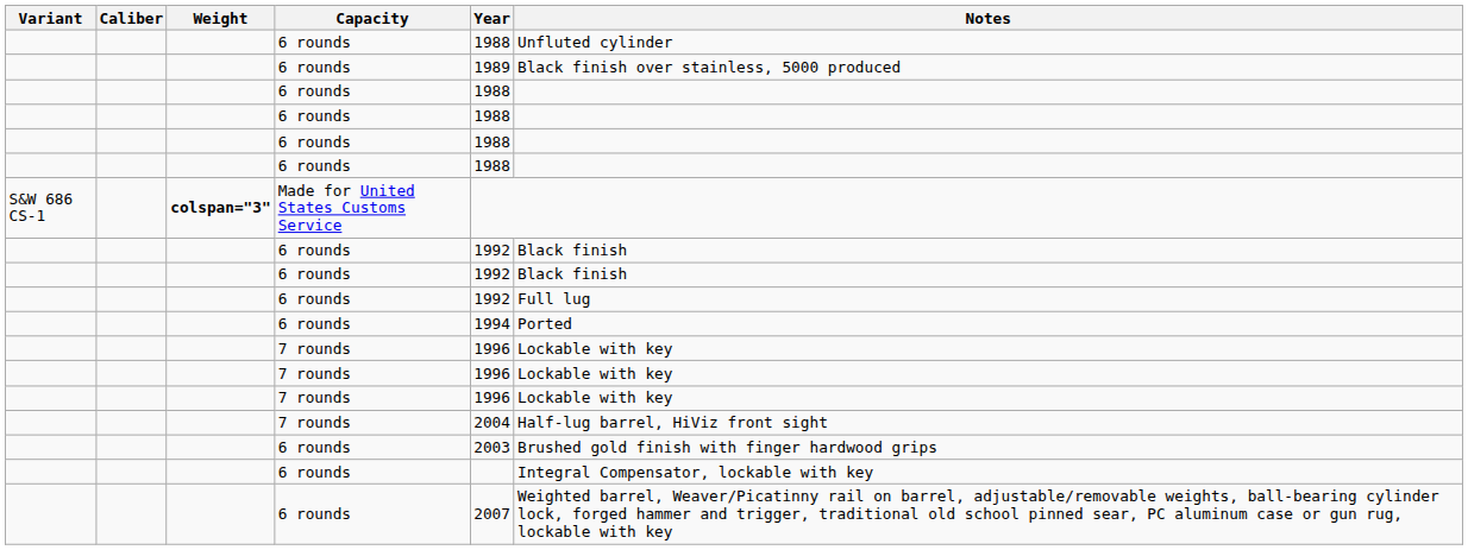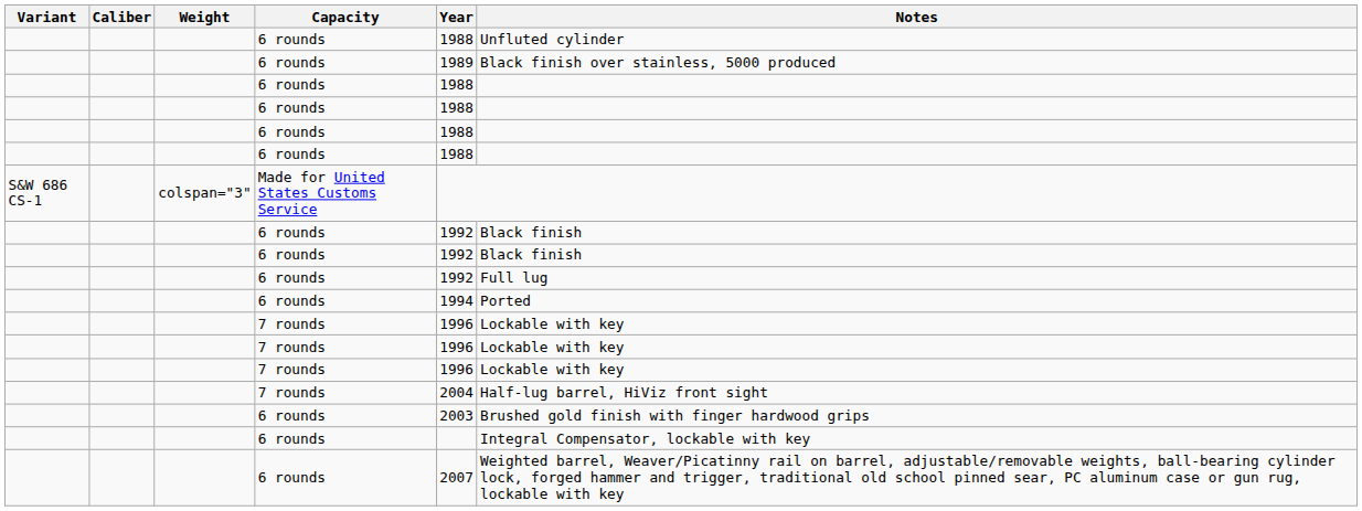 <table class="wikitable">
 <tr>
 <th>Variant</th>
 <th>Caliber</th>
 <th>Weight</th>
 <th>Capacity</th>
 <th>Year</th>
 <th>Notes</th>
 </tr>
 <tr>
 <td></td>
 <td></td>
 <td></td>
 <td>6 rounds</td>
 <td>1988</td>
 <td>Unfluted cylinder</td>
 </tr>
 <tr>
 <td></td>
 <td></td>
 <td></td>
 <td>6 rounds</td>
 <td>1989</td>
 <td>Black finish over stainless, 5000 produced</td>
 </tr>
 <tr>
 <td></td>
 <td></td>
 <td></td>
 <td>6 rounds</td>
 <td>1988</td>
 <td></td>
 </tr>
 <tr>
 <td></td>
 <td></td>
 <td></td>
 <td>6 rounds</td>
 <td>1988</td>
 <td></td>
 </tr>
 <tr>
 <td></td>
 <td></td>
 <td></td>
 <td>6 rounds</td>
 <td>1988</td>
 <td></td>
 </tr>
 <tr>
 <td></td>
 <td></td>
 <td></td>
 <td>6 rounds</td>
 <td>1988</td>
 <td></td>
 </tr>
 <tr>
 <td>S&W 686 CS-1</td>
 <td></td>
-<td><strong>colspan="3" </strong></td>
+<td>colspan="3" </td>
 <td>Made for <a href='#'>United States Customs Service</a></td>
 </tr>
 <tr>
 <td></td>
 <td></td>
 <td></td>
 <td>6 rounds</td>
 <td>1992</td>
 <td>Black finish</td>
 </tr>
 <tr>
 <td></td>
 <td></td>
 <td></td>
 <td>6 rounds</td>
 <td>1992</td>
 <td>Black finish</td>
 </tr>
 <tr>
 <td></td>
 <td></td>
 <td></td>
 <td>6 rounds</td>
 <td>1992</td>
 <td>Full lug</td>
 </tr>
 <tr>
 <td></td>
 <td></td>
 <td></td>
 <td>6 rounds</td>
 <td>1994</td>
 <td>Ported</td>
 </tr>
 <tr>
 <td></td>
 <td></td>
 <td></td>
 <td>7 rounds</td>
 <td>1996</td>
 <td>Lockable with key</td>
 </tr>
 <tr>
 <td></td>
 <td></td>
 <td></td>
 <td>7 rounds</td>
 <td>1996</td>
 <td>Lockable with key</td>
 </tr>
 <tr>
 <td></td>
 <td></td>
 <td></td>
 <td>7 rounds</td>
 <td>1996</td>
 <td>Lockable with key</td>
 </tr>
 <tr>
 <td></td>
 <td></td>
 <td></td>
 <td>7 rounds</td>
 <td>2004</td>
 <td>Half-lug barrel, HiViz front sight</td>
 </tr>
 <tr>
 <td></td>
 <td></td>
 <td></td>
 <td>6 rounds</td>
 <td>2003</td>
 <td>Brushed gold finish with finger hardwood grips</td>
 </tr>
 <tr>
 <td></td>
 <td></td>
 <td></td>
 <td>6 rounds</td>
 <td></td>
 <td>Integral Compensator, lockable with key</td>
 </tr>
 <tr>
 <td></td>
 <td></td>
 <td></td>
 <td>6 rounds</td>
 <td>2007</td>
 <td>Weighted barrel, Weaver/Picatinny rail on barrel, adjustable/removable weights, ball-bearing cylinder lock, forged hammer and trigger, traditional old school pinned sear, PC aluminum case or gun rug, lockable with key</td>
 </tr>
 </table>
